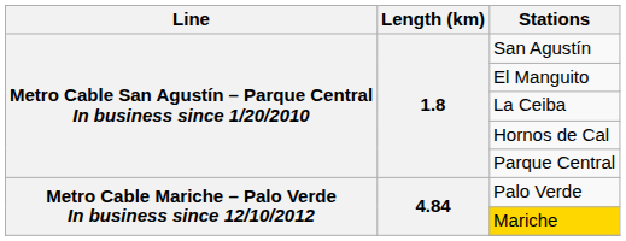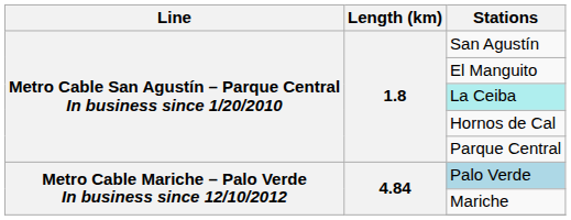 <table Class = wikitable>
 <tr>
 <th>Line</th>
 <th>Length (km)</th>
 <th>Stations</th>
 </tr>
 <tr>
 <th rowspan="5"><strong><span> Metro Cable San Agustín – Parque Central</span></strong> <br> <em>In business since 1/20/2010</em></th>
 <th rowspan="5">1.8</th>
 <td>San Agustín</td>
 </tr>
 <tr>
 <td>El Manguito</td>
 </tr>
 <tr>
-<td>La Ceiba</td>
+<td style="background: paleturquoise;">La Ceiba</td>
 </tr>
 <tr>
 <td>Hornos de Cal</td>
 </tr>
 <tr>
 <td>Parque Central</td>
 </tr>
 <tr>
 <th rowspan="5"><strong><span>Metro Cable Mariche – Palo Verde</span></strong>   <br> <em>In business since 12/10/2012</em></th>
 <th rowspan="5">4.84</th>
-<td>Palo Verde</td>
+<td style="background: lightblue;">Palo Verde</td>
 </tr>
 <tr>
-<td style="background: gold;">Mariche</td>
+<td>Mariche</td>
 </tr>
 <tr>
 </tr>
 </table>
